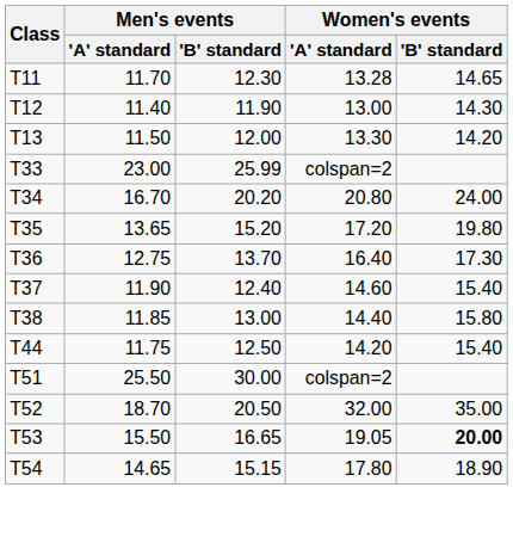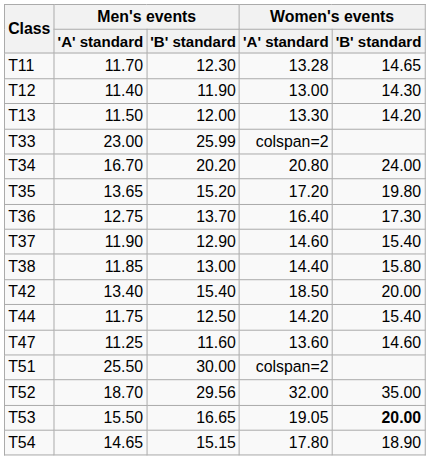 <table class="wikitable" style="text-align:right">
 <tr>
 <th rowspan="2">Class</th>
 <th colspan="2">Men's events</th>
 <th colspan="2">Women's events</th>
 </tr>
 <tr style="font-size:95%">
 <th>'A' standard</th>
 <th>'B' standard</th>
 <th>'A' standard</th>
 <th>'B' standard</th>
 </tr>
 <tr>
 <td style="text-align:left">T11</td>
 <td>11.70</td>
 <td>12.30</td>
 <td>13.28</td>
 <td>14.65</td>
 </tr>
 <tr>
 <td style="text-align:left">T12</td>
 <td>11.40</td>
 <td>11.90</td>
 <td>13.00</td>
 <td>14.30</td>
 </tr>
 <tr>
 <td style="text-align:left">T13</td>
 <td>11.50</td>
 <td>12.00</td>
 <td>13.30</td>
 <td>14.20</td>
 </tr>
 <tr>
 <td style="text-align:left">T33</td>
 <td>23.00</td>
 <td>25.99</td>
 <td>colspan=2 </td>
 </tr>
 <tr>
 <td style="text-align:left">T34</td>
 <td>16.70</td>
 <td>20.20</td>
 <td>20.80</td>
 <td>24.00</td>
 </tr>
 <tr>
 <td style="text-align:left">T35</td>
 <td>13.65</td>
 <td>15.20</td>
 <td>17.20</td>
 <td>19.80</td>
 </tr>
 <tr>
 <td style="text-align:left">T36</td>
 <td>12.75</td>
 <td>13.70</td>
 <td>16.40</td>
 <td>17.30</td>
 </tr>
 <tr>
 <td style="text-align:left">T37</td>
 <td>11.90</td>
-<td>12.40</td>
+<td>12.90</td>
 <td>14.60</td>
 <td>15.40</td>
 </tr>
 <tr>
 <td style="text-align:left">T38</td>
 <td>11.85</td>
 <td>13.00</td>
 <td>14.40</td>
 <td>15.80</td>
 </tr>
 <tr>
+<td style="text-align:left">T42</td>
+<td>13.40</td>
+<td>15.40</td>
+<td>18.50</td>
+<td>20.00</td>
+</tr>
+<tr>
 <td style="text-align:left">T44</td>
 <td>11.75</td>
 <td>12.50</td>
 <td>14.20</td>
 <td>15.40</td>
+</tr>
+<tr>
+<td style="text-align:left">T47</td>
+<td>11.25</td>
+<td>11.60</td>
+<td>13.60</td>
+<td>14.60</td>
 </tr>
 <tr>
 <td style="text-align:left">T51</td>
 <td>25.50</td>
 <td>30.00</td>
 <td>colspan=2 </td>
 </tr>
 <tr>
 <td style="text-align:left">T52</td>
 <td>18.70</td>
-<td>20.50</td>
+<td>29.56</td>
 <td>32.00</td>
 <td>35.00</td>
 </tr>
 <tr>
 <td style="text-align:left">T53</td>
 <td>15.50</td>
 <td>16.65</td>
 <td>19.05</td>
 <td><strong>20.00</strong></td>
 </tr>
 <tr>
 <td style="text-align:left">T54</td>
 <td>14.65</td>
 <td>15.15</td>
 <td>17.80</td>
 <td>18.90</td>
 </tr>
 </table>
